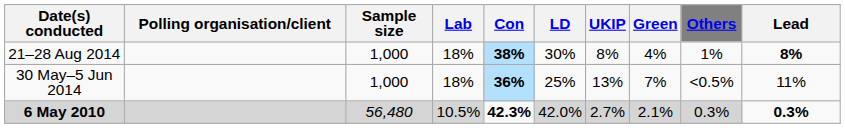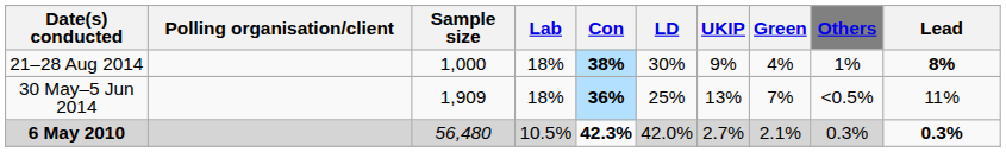 <table class="wikitable sortable" style="text-align:center;font-size:90%;line-height:14px">
 <tr>
 <th ! style="width:105px;">Date(s)<br>conducted</th>
 <th style="width:200px;">Polling organisation/client</th>
 <th class="unsortable" style="width:75px;">Sample size</th>
 <th class="unsortable" style="background:"><a href='#'><span>Lab</span></a></th>
 <th class="unsortable" style="background:"><a href='#'><span>Con</span></a></th>
 <th class="unsortable" style="background:"><a href='#'><span>LD</span></a></th>
 <th class="unsortable" style="background:"><a href='#'><span>UKIP</span></a></th>
 <th class="unsortable" style="background:"><a href='#'><span>Green</span></a></th>
 <th class="unsortable" style="background:gray; width:50px;"><a href='#'><span>Others</span></a></th>
 <th class="unsortable" style="width:85px;">Lead</th>
 </tr>
 <tr>
 <td>21–28 Aug 2014</td>
 <td></td>
 <td>1,000</td>
 <td>18%</td>
 <td style="background:#B3E0FF"><strong>38%</strong></td>
 <td>30%</td>
-<td>8%</td>
+<td>9%</td>
 <td>4%</td>
 <td>1%</td>
 <td style="background:"><strong>8%</strong></td>
 </tr>
 <tr>
 <td>30 May–5 Jun 2014</td>
 <td></td>
-<td>1,000</td>
+<td>1,909</td>
 <td>18%</td>
 <td style="background:#B3E0FF"><strong>36%</strong></td>
 <td>25%</td>
 <td>13%</td>
 <td>7%</td>
 <td><0.5%</td>
 <td style="background:">11%</td>
 </tr>
 <tr>
 <td style="background:#D5D5D5"><strong>6 May 2010</strong></td>
 <td style="background:#D5D5D5"></td>
 <td style="background:#D5D5D5"><em>56,480</em></td>
 <td style="background:#D5D5D5">10.5%</td>
 <td style="background:"><strong>42.3%</strong></td>
 <td style="background:#D5D5D5">42.0%</td>
 <td style="background:#D5D5D5">2.7%</td>
 <td style="background:#D5D5D5">2.1%</td>
 <td style="background:#D5D5D5">0.3%</td>
 <td style="background:"><strong>0.3% </strong></td>
 </tr>
 </table>
